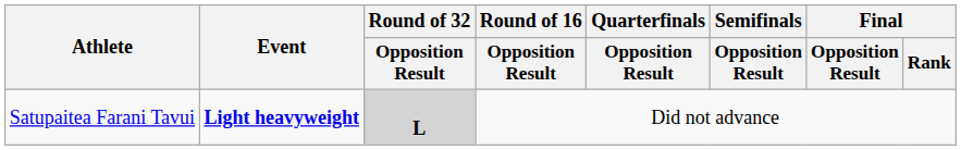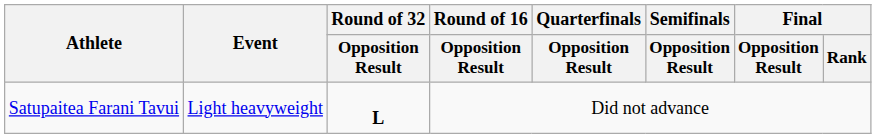 <table class="wikitable" style="font-size:90%">
 <tr>
 <th rowspan="2">Athlete</th>
 <th rowspan="2">Event</th>
 <th>Round of 32</th>
 <th>Round of 16</th>
 <th>Quarterfinals</th>
 <th>Semifinals</th>
 <th colspan=2>Final</th>
 </tr>
 <tr style="font-size:95%">
 <th>Opposition<br>Result</th>
 <th>Opposition<br>Result</th>
 <th>Opposition<br>Result</th>
 <th>Opposition<br>Result</th>
 <th>Opposition<br>Result</th>
 <th>Rank</th>
 </tr>
 <tr align=center>
 <td align=left><a href='#'>Satupaitea Farani Tavui</a></td>
-<td align=left><strong><a href='#'>Light heavyweight</a></strong></td>
-<td style="background: lightgrey;"><br><strong>L</strong> </td>
+<td align=left><a href='#'>Light heavyweight</a></td>
+<td><br><strong>L</strong> </td>
 <td colspan=5>Did not advance</td>
 </tr>
 </table>
